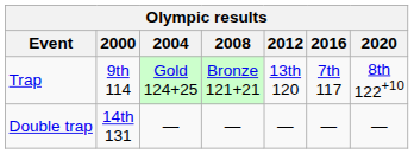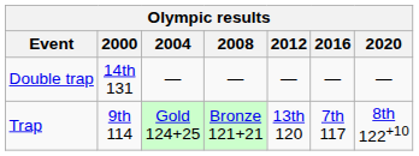 <table class="wikitable" style="text-align: center">
 <tr>
 <th colspan=7>Olympic results</th>
 </tr>
 <tr>
 <th>Event</th>
 <th>2000</th>
 <th>2004</th>
 <th>2008</th>
 <th>2012</th>
 <th>2016</th>
 <th>2020</th>
 </tr>
 <tr>
+<td align=left><a href='#'>Double trap</a></td>
+<td><a href='#'>14th</a><br>131</td>
+<td>—</td>
+<td>—</td>
+<td>—</td>
+<td>—</td>
+<td>—</td>
+</tr>
+<tr>
 <td align=left><a href='#'>Trap</a></td>
 <td><a href='#'>9th</a><br>114</td>
 <td style="background: #ccffcc"> <a href='#'>Gold</a><br>124+25</td>
 <td style="background: #ccffcc"> <a href='#'>Bronze</a><br>121+21</td>
 <td><a href='#'>13th</a><br>120</td>
 <td><a href='#'>7th</a><br>117</td>
 <td><a href='#'>8th</a><br>122<sup>+10</sup></td>
 </tr>
-<tr>
-<td align=left><a href='#'>Double trap</a></td>
-<td><a href='#'>14th</a><br>131</td>
-<td>—</td>
-<td>—</td>
-<td>—</td>
-<td>—</td>
-<td>—</td>
-</tr>
 </table>
